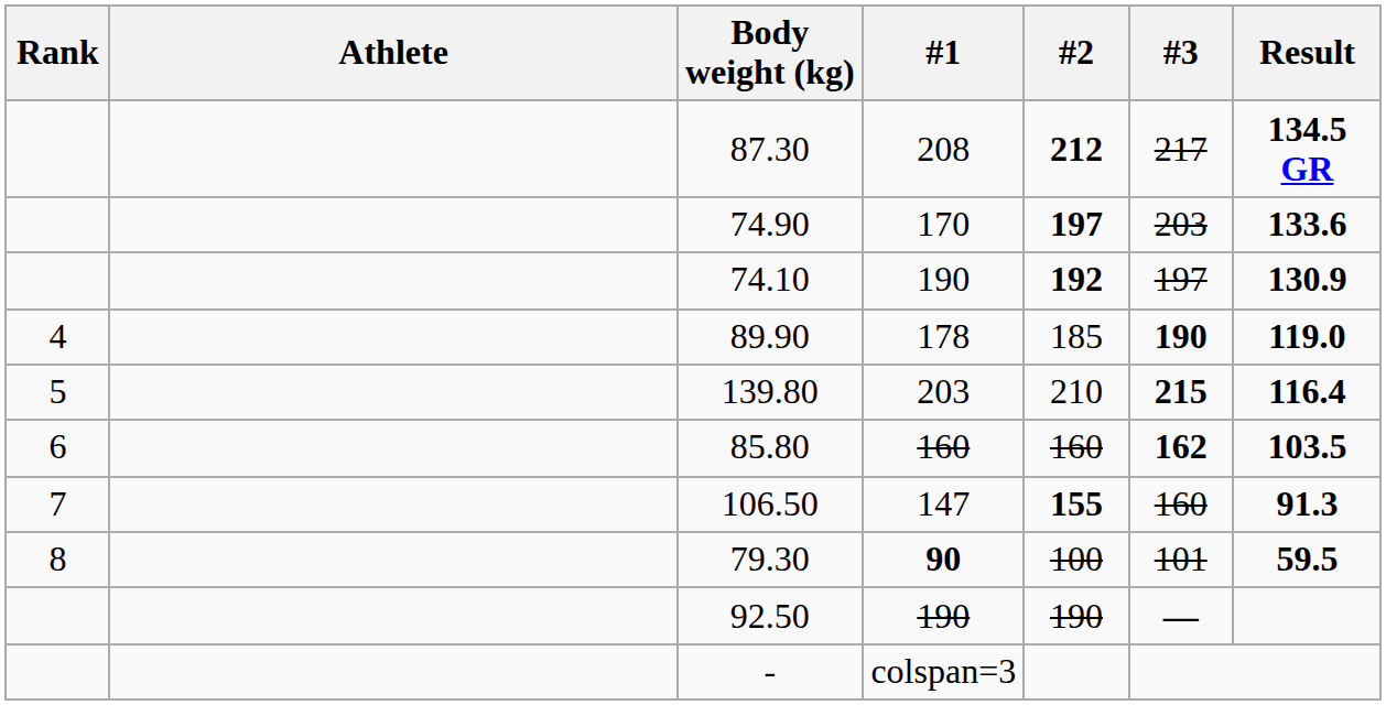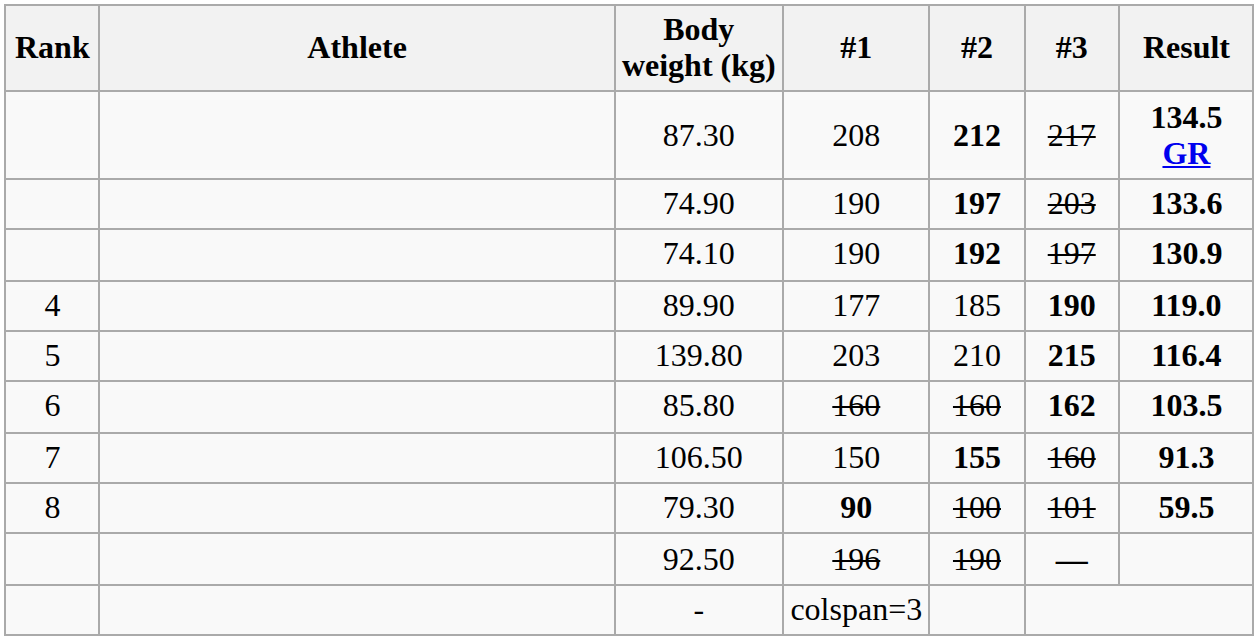 <table class="wikitable sortable" style="text-align:center;">
 <tr>
 <th width=40>Rank</th>
 <th width=250>Athlete</th>
 <th>Body<br>weight (kg)</th>
 <th width=40 class="unsortable">#1</th>
 <th width=40 class="unsortable">#2</th>
 <th width=40 class="unsortable">#3</th>
 <th width=60>Result</th>
 </tr>
 <tr>
 <td></td>
 <td align=left></td>
 <td>87.30</td>
 <td>208</td>
 <td><strong>212</strong></td>
 <td><s>217</s></td>
 <td><strong>134.5 <a href='#'>GR</a></strong></td>
 </tr>
 <tr>
 <td></td>
 <td align=left></td>
 <td>74.90</td>
-<td>170</td>
+<td>190</td>
 <td><strong>197</strong></td>
 <td><s>203</s></td>
 <td><strong>133.6</strong></td>
 </tr>
 <tr>
 <td></td>
 <td align=left></td>
 <td>74.10</td>
 <td>190</td>
 <td><strong>192</strong></td>
 <td><s>197</s></td>
 <td><strong>130.9</strong></td>
 </tr>
 <tr>
 <td>4</td>
 <td align=left></td>
 <td>89.90</td>
-<td>178</td>
+<td>177</td>
 <td>185</td>
 <td><strong>190</strong></td>
 <td><strong>119.0</strong></td>
 </tr>
 <tr>
 <td>5</td>
 <td align=left></td>
 <td>139.80</td>
 <td>203</td>
 <td>210</td>
 <td><strong>215</strong></td>
 <td><strong>116.4</strong></td>
 </tr>
 <tr>
 <td>6</td>
 <td align=left></td>
 <td>85.80</td>
 <td><s>160</s></td>
 <td><s>160</s></td>
 <td><strong>162</strong></td>
 <td><strong>103.5</strong></td>
 </tr>
 <tr>
 <td>7</td>
 <td align=left></td>
 <td>106.50</td>
-<td>147</td>
+<td>150</td>
 <td><strong>155</strong></td>
 <td><s>160</s></td>
 <td><strong>91.3</strong></td>
 </tr>
 <tr>
 <td>8</td>
 <td align=left></td>
 <td>79.30</td>
 <td><strong>90</strong></td>
 <td><s>100</s></td>
 <td><s>101</s></td>
 <td><strong>59.5</strong></td>
 </tr>
 <tr>
 <td></td>
 <td align=left></td>
 <td>92.50</td>
-<td><s>190</s></td>
+<td><s>196</s></td>
 <td><s>190</s></td>
 <td><strong>―</strong></td>
 <td><strong></strong></td>
 </tr>
 <tr>
 <td></td>
 <td align="left"></td>
 <td>-</td>
 <td>colspan=3 </td>
 <td><strong></strong></td>
 </tr>
 </table>
